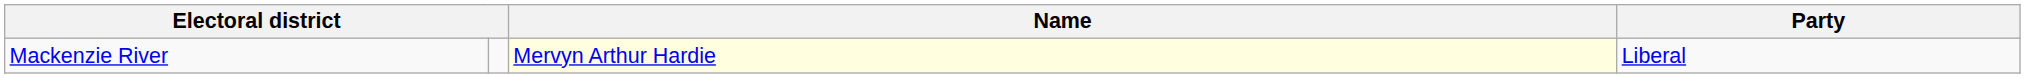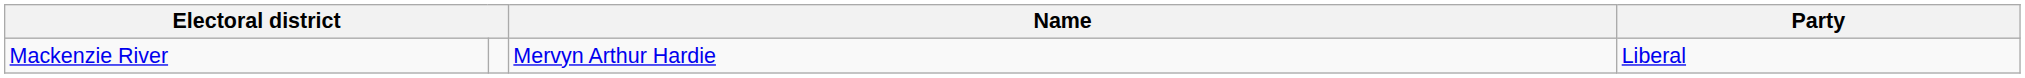 <table class="wikitable" width=95%>
 <tr>
 <th colspan=2 width=25%>Electoral district</th>
 <th>Name</th>
 <th width=20%>Party</th>
 </tr>
 <tr>
 <td width=24%><a href='#'>Mackenzie River</a></td>
 <td></td>
-<td style="background: lightyellow;"><a href='#'>Mervyn Arthur Hardie</a></td>
+<td><a href='#'>Mervyn Arthur Hardie</a></td>
 <td><a href='#'>Liberal</a></td>
 </tr>
 </table>
